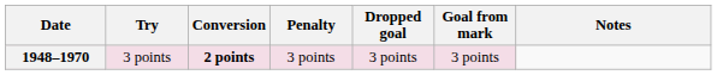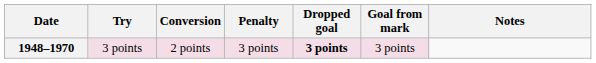 <table class="wikitable">
 <tr>
 <th scope="col" width="100px">Date</th>
 <th scope="col" width="80px">Try</th>
 <th scope="col" width="80px">Conversion</th>
 <th scope="col" width="80px">Penalty</th>
 <th scope="col" width="80px">Dropped goal</th>
 <th scope="col" width="80px">Goal from mark</th>
 <th scope="col" width="200px">Notes<br></th>
 </tr>
 <tr style="text-align:center;  background:#F4DDE7;">
 <th>1948–1970</th>
 <td>3 points</td>
-<td><strong>2 points</strong></td>
+<td>2 points</td>
 <td>3 points</td>
-<td>3 points</td>
+<td><strong>3 points</strong></td>
 <td>3 points<br></td>
 </tr>
 </table>
